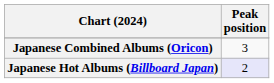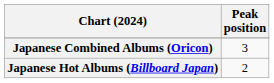 <table class="wikitable sortable plainrowheaders" style="text-align:center;">
 <tr>
 <th scope="col">Chart (2024)</th>
 <th scope="col">Peak<br>position</th>
 </tr>
 <tr>
 </tr>
 <tr>
 <th scope="row">Japanese Combined Albums (<a href='#'>Oricon</a>)</th>
 <td>3</td>
 </tr>
 <tr>
 <th scope="row">Japanese Hot Albums (<em><a href='#'>Billboard Japan</a></em>)</th>
-<td style="background: lavender;">2</td>
+<td>2</td>
 </tr>
 </table>
